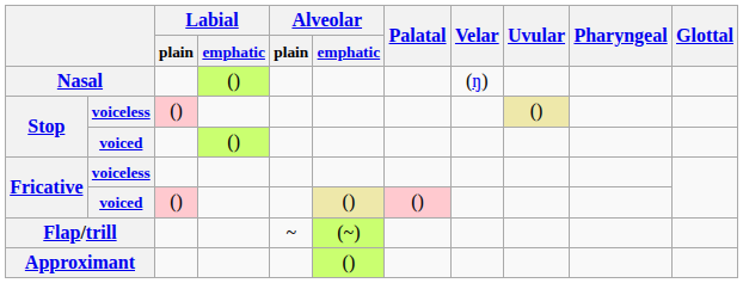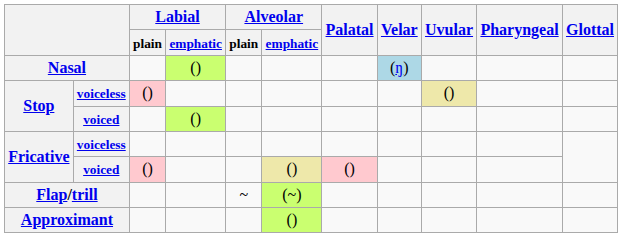 <table class="wikitable" style="text-align: center;">
 <tr>
 <th rowspan="2" colspan=2> </th>
 <th colspan="2"><a href='#'>Labial</a></th>
 <th colspan="2"><a href='#'>Alveolar</a></th>
 <th rowspan="2"><a href='#'>Palatal</a></th>
 <th rowspan="2"><a href='#'>Velar</a></th>
 <th rowspan="2"><a href='#'>Uvular</a></th>
 <th rowspan="2"><a href='#'>Pharyngeal</a></th>
 <th rowspan="2"><a href='#'>Glottal</a></th>
 </tr>
 <tr>
 <th><small>plain</small></th>
 <th><small><a href='#'>emphatic</a></small></th>
 <th><small>plain</small></th>
 <th><small><a href='#'>emphatic</a></small></th>
 </tr>
 <tr>
 <th colspan=2><a href='#'>Nasal</a></th>
 <td></td>
 <td style="background:#CAFF70">()</td>
 <td></td>
 <td> </td>
 <td> </td>
-<td>(<a href='#'>ŋ</a>)</td>
+<td style="background: lightblue;">(<a href='#'>ŋ</a>)</td>
 <td> </td>
 <td> </td>
 <td> </td>
 </tr>
 <tr>
 <th rowspan=2><a href='#'>Stop</a></th>
 <th><small><a href='#'>voiceless</a></small></th>
 <td style="background:#FFC9CF">()</td>
 <td> </td>
 <td></td>
 <td></td>
 <td> </td>
 <td></td>
 <td style="background:#EEE8AA">()</td>
 <td> </td>
 <td></td>
 </tr>
 <tr>
 <th><small><a href='#'>voiced</a></small></th>
 <td></td>
 <td style="background:#CAFF70">()</td>
 <td></td>
 <td></td>
 <td></td>
 <td></td>
 <td> </td>
 <td> </td>
 <td> </td>
 </tr>
 <tr>
 <th rowspan=2><a href='#'>Fricative</a></th>
 <th><small><a href='#'>voiceless</a></small></th>
 <td></td>
 <td> </td>
 <td></td>
 <td></td>
 <td></td>
 <td></td>
 <td> </td>
 <td></td>
 <td rowspan="2"></td>
 </tr>
 <tr>
 <th><small><a href='#'>voiced</a></small></th>
 <td style="background:#FFC9CF">()</td>
 <td> </td>
 <td></td>
 <td style="background:#EEE8AA">()</td>
 <td style="background:#FFC9CF">()</td>
 <td></td>
 <td> </td>
 <td> </td>
 </tr>
 <tr>
 <th colspan=2><a href='#'>Flap</a>/<a href='#'>trill</a></th>
 <td> </td>
 <td> </td>
 <td>~</td>
 <td style="background:#CAFF70">(~)</td>
 <td> </td>
 <td> </td>
 <td> </td>
 <td> </td>
 <td> </td>
 </tr>
 <tr>
 <th colspan=2><a href='#'>Approximant</a></th>
 <td> </td>
 <td> </td>
 <td></td>
 <td style="background:#CAFF70">()</td>
 <td> </td>
 <td></td>
 <td> </td>
 <td> </td>
 <td> </td>
 </tr>
 </table>
